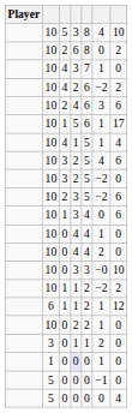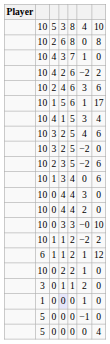 <table class="wikitable sortable" style="text-align:center;">
 <tr align=center>
 <th>Player</th>
 <th></th>
 <th></th>
 <th></th>
 <th></th>
 <th data-sort-type="number"></th>
 <th></th>
 </tr>
 <tr>
 <td></td>
 <td>10</td>
 <td>5</td>
 <td>3</td>
 <td>8</td>
 <td>4</td>
 <td>10</td>
 </tr>
 <tr>
 <td></td>
 <td>10</td>
 <td>2</td>
 <td>6</td>
 <td>8</td>
 <td>0</td>
-<td>2</td>
+<td>8</td>
 </tr>
 <tr>
 <td></td>
 <td>10</td>
 <td>4</td>
 <td>3</td>
 <td>7</td>
 <td>1</td>
 <td>0</td>
 </tr>
 <tr>
 <td></td>
 <td>10</td>
 <td>4</td>
 <td>2</td>
 <td>6</td>
 <td>−2</td>
 <td>2</td>
 </tr>
 <tr>
 <td></td>
 <td>10</td>
 <td>2</td>
 <td>4</td>
 <td>6</td>
 <td>3</td>
 <td>6</td>
 </tr>
 <tr>
 <td></td>
 <td>10</td>
 <td>1</td>
 <td>5</td>
 <td>6</td>
 <td>1</td>
 <td>17</td>
 </tr>
 <tr>
 <td></td>
 <td>10</td>
 <td>4</td>
 <td>1</td>
 <td>5</td>
-<td>1</td>
+<td>3</td>
 <td>4</td>
 </tr>
 <tr>
 <td></td>
 <td>10</td>
 <td>3</td>
 <td>2</td>
 <td>5</td>
 <td>4</td>
 <td>6</td>
 </tr>
 <tr>
 <td></td>
 <td>10</td>
 <td>3</td>
 <td>2</td>
 <td>5</td>
 <td>−2</td>
 <td>0</td>
 </tr>
 <tr>
 <td></td>
 <td>10</td>
 <td>2</td>
 <td>3</td>
 <td>5</td>
 <td>−2</td>
 <td>6</td>
 </tr>
 <tr>
 <td></td>
 <td>10</td>
 <td>1</td>
 <td>3</td>
 <td>4</td>
 <td>0</td>
 <td>6</td>
 </tr>
 <tr>
 <td></td>
 <td>10</td>
 <td>0</td>
 <td>4</td>
 <td>4</td>
-<td>1</td>
+<td>3</td>
 <td>0</td>
 </tr>
 <tr>
 <td></td>
 <td>10</td>
 <td>0</td>
 <td>4</td>
 <td>4</td>
 <td>2</td>
 <td>0</td>
 </tr>
 <tr>
 <td></td>
 <td>10</td>
 <td>0</td>
 <td>3</td>
 <td>3</td>
 <td>−0</td>
 <td>10</td>
 </tr>
 <tr>
 <td></td>
 <td>10</td>
 <td>1</td>
 <td>1</td>
 <td>2</td>
 <td>−2</td>
 <td>2</td>
 </tr>
 <tr>
 <td></td>
 <td>6</td>
 <td>1</td>
 <td>1</td>
 <td>2</td>
 <td>1</td>
 <td>12</td>
 </tr>
 <tr>
 <td></td>
 <td>10</td>
 <td>0</td>
 <td>2</td>
 <td>2</td>
 <td>1</td>
 <td>0</td>
 </tr>
 <tr>
 <td></td>
 <td>3</td>
 <td>0</td>
 <td>1</td>
 <td>1</td>
 <td>2</td>
 <td>0</td>
 </tr>
 <tr>
 <td></td>
 <td>1</td>
 <td>0</td>
 <td style="background: lavender;">0</td>
 <td>0</td>
 <td>1</td>
 <td>0</td>
 </tr>
 <tr>
 <td></td>
 <td>5</td>
 <td>0</td>
 <td>0</td>
 <td>0</td>
 <td>−1</td>
 <td>0</td>
 </tr>
 <tr>
 <td></td>
 <td>5</td>
 <td>0</td>
 <td>0</td>
 <td>0</td>
 <td>0</td>
 <td>4</td>
 </tr>
 </table>
